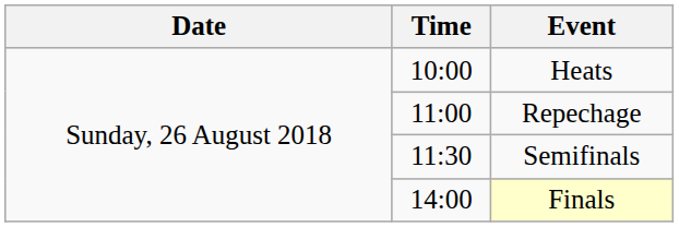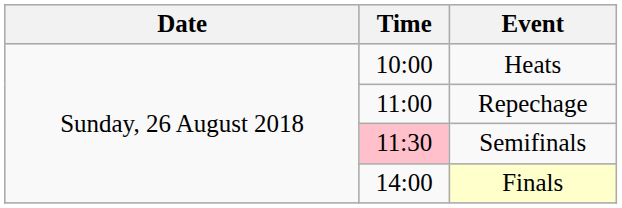 <table class = "wikitable" style="text-align:center;">
 <tr>
 <th width=220>Date</th>
 <th width=50>Time</th>
 <th width=100>Event</th>
 </tr>
 <tr>
 <td rowspan="4">Sunday, 26 August 2018</td>
 <td>10:00</td>
 <td>Heats</td>
 </tr>
 <tr>
 <td>11:00</td>
 <td>Repechage</td>
 </tr>
 <tr>
-<td>11:30</td>
+<td style="background: pink;">11:30</td>
 <td>Semifinals</td>
 </tr>
 <tr>
 <td>14:00</td>
 <td bgcolor=ffffcc>Finals</td>
 </tr>
 </table>
